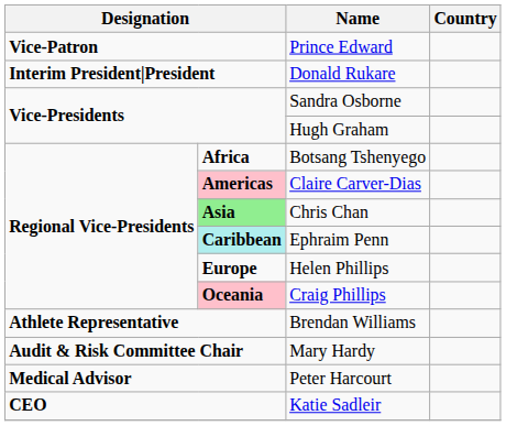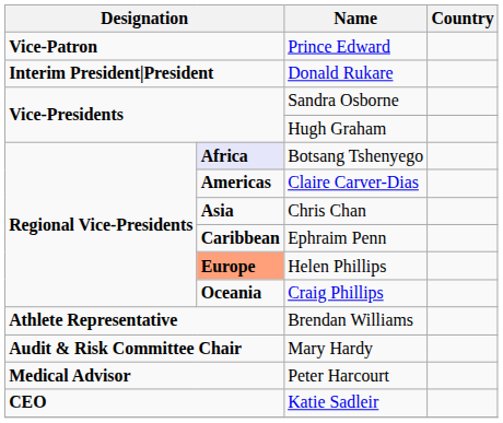 <table class="wikitable">
 <tr>
 <th colspan="2">Designation</th>
 <th>Name</th>
 <th>Country</th>
 </tr>
 <tr>
 <td colspan="2"><strong>Vice-Patron</strong></td>
 <td><a href='#'>Prince Edward</a></td>
 <td></td>
 </tr>
 <tr>
 <td colspan="2"><strong>Interim President|President</strong></td>
 <td><a href='#'>Donald Rukare</a></td>
 <td></td>
 </tr>
 <tr>
 <td colspan="2" rowspan="2"><strong>Vice-Presidents</strong></td>
 <td>Sandra Osborne</td>
 <td></td>
 </tr>
 <tr>
 <td>Hugh Graham</td>
 <td></td>
 </tr>
 <tr>
 <td rowspan="6"><strong>Regional Vice-Presidents</strong></td>
-<td><strong>Africa</strong></td>
+<td style="background: lavender;"><strong>Africa</strong></td>
 <td>Botsang Tshenyego</td>
 <td></td>
 </tr>
 <tr>
-<td style="background: pink;"><strong>Americas</strong></td>
+<td><strong>Americas</strong></td>
 <td><a href='#'>Claire Carver-Dias</a></td>
 <td></td>
 </tr>
 <tr>
-<td style="background: lightgreen;"><strong>Asia</strong></td>
+<td><strong>Asia</strong></td>
 <td>Chris Chan</td>
 <td></td>
 </tr>
 <tr>
-<td style="background: paleturquoise;"><strong>Caribbean</strong></td>
+<td><strong>Caribbean</strong></td>
 <td>Ephraim Penn</td>
 <td></td>
 </tr>
 <tr>
-<td><strong>Europe</strong></td>
+<td style="background: lightsalmon;"><strong>Europe</strong></td>
 <td>Helen Phillips</td>
 <td></td>
 </tr>
 <tr>
-<td style="background: pink;"><strong>Oceania</strong></td>
+<td><strong>Oceania</strong></td>
 <td><a href='#'>Craig Phillips</a></td>
 <td></td>
 </tr>
 <tr>
 <td colspan="2"><strong>Athlete Representative</strong></td>
 <td>Brendan Williams</td>
 <td></td>
 </tr>
 <tr>
 <td colspan="2"><strong>Audit & Risk Committee Chair</strong></td>
 <td>Mary Hardy</td>
 <td></td>
 </tr>
 <tr>
 <td colspan="2"><strong>Medical Advisor</strong></td>
 <td>Peter Harcourt</td>
 <td></td>
 </tr>
 <tr>
 <td colspan="2"><strong>CEO</strong></td>
 <td><a href='#'>Katie Sadleir</a></td>
 <td></td>
 </tr>
 <tr>
 </tr>
 </table>
